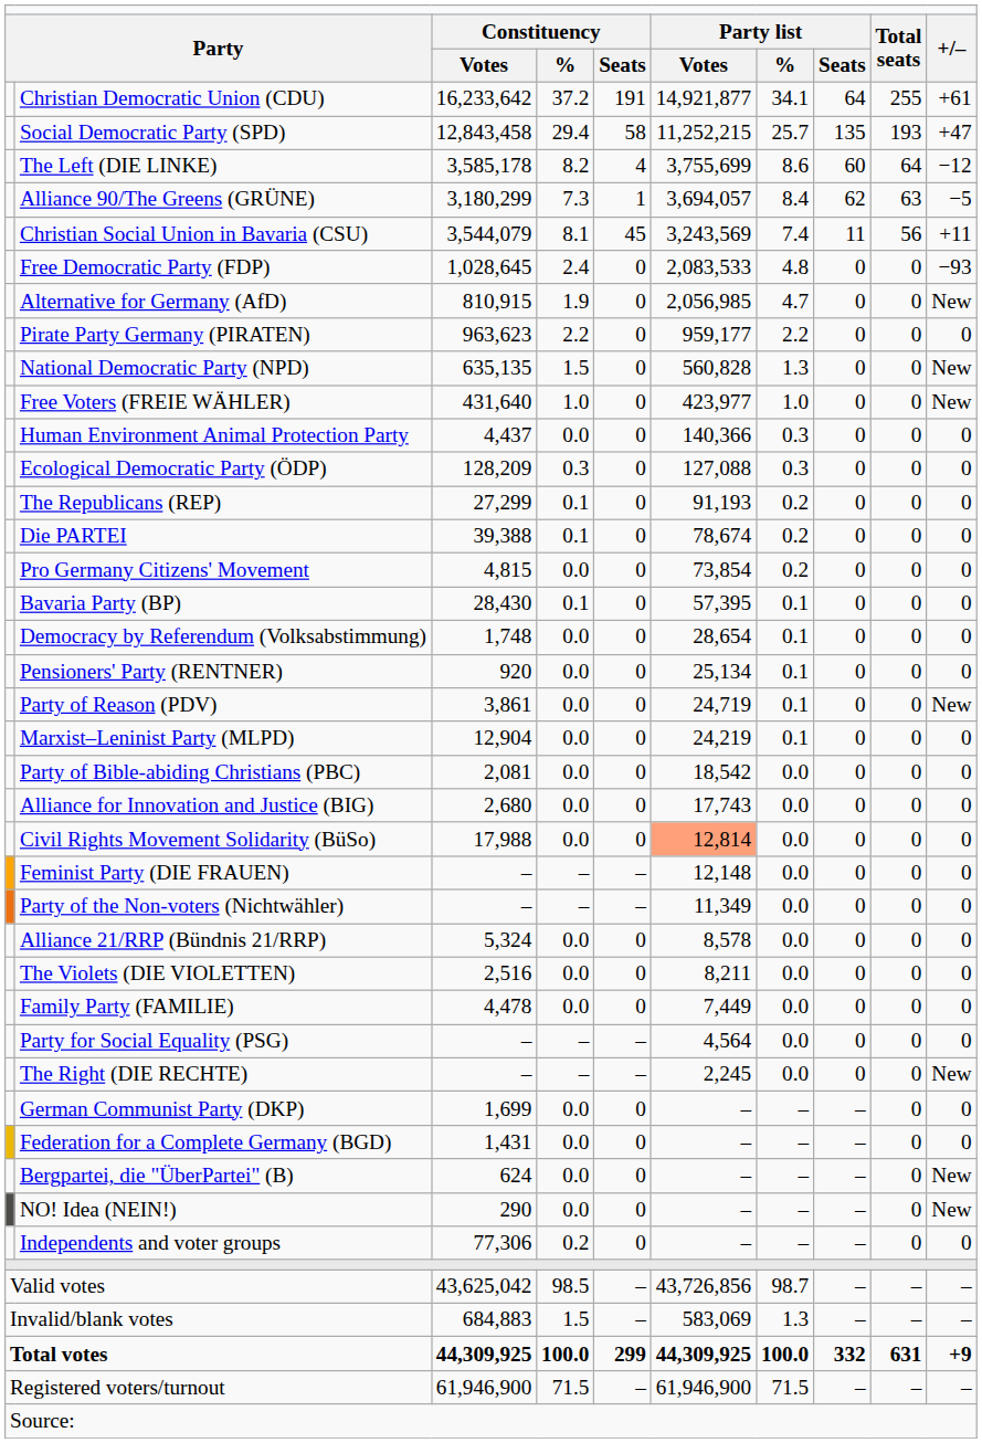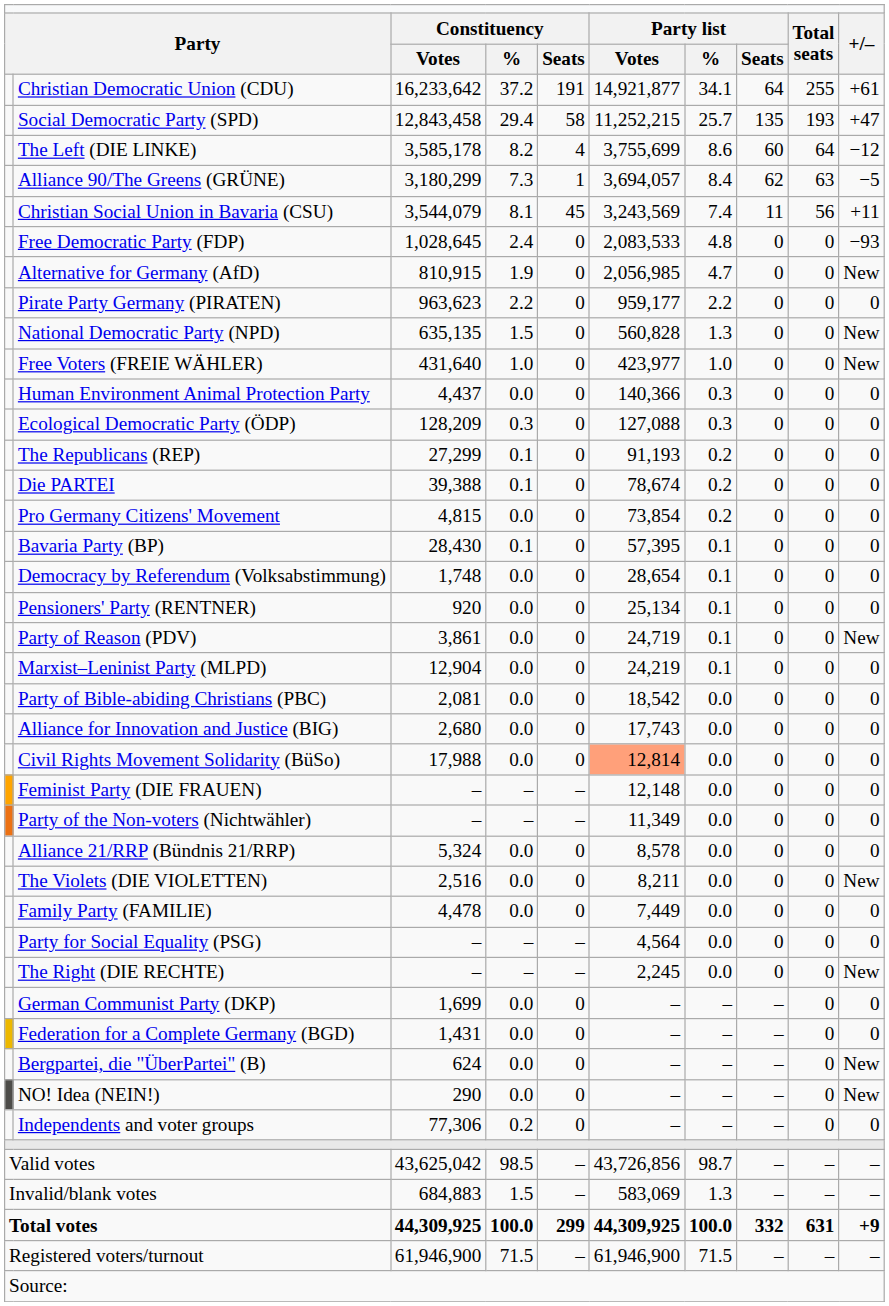 <table class="wikitable sortable" style="text-align:right">
 <tr>
 <th colspan="15" style="background:#F8F9FA;"></th>
 </tr>
 <tr>
 <th colspan="2" rowspan="2">Party</th>
 <th colspan="3">Constituency</th>
 <th colspan="3">Party list</th>
 <th rowspan="2">Total<br>seats</th>
 <th rowspan="2">+/–</th>
 </tr>
 <tr>
 <th>Votes</th>
 <th>%</th>
 <th>Seats</th>
 <th>Votes</th>
 <th>%</th>
 <th>Seats</th>
 </tr>
 <tr>
 <td></td>
 <td align="left"><a href='#'>Christian Democratic Union</a> (CDU)</td>
 <td>16,233,642</td>
 <td>37.2</td>
 <td>191</td>
 <td>14,921,877</td>
 <td>34.1</td>
 <td>64</td>
 <td>255</td>
 <td>+61</td>
 </tr>
 <tr>
 <td></td>
 <td align="left"><a href='#'>Social Democratic Party</a> (SPD)</td>
 <td>12,843,458</td>
 <td>29.4</td>
 <td>58</td>
 <td>11,252,215</td>
 <td>25.7</td>
 <td>135</td>
 <td>193</td>
 <td>+47</td>
 </tr>
 <tr>
 <td></td>
 <td align="left"><a href='#'>The Left</a> (DIE LINKE)</td>
 <td>3,585,178</td>
 <td>8.2</td>
 <td>4</td>
 <td>3,755,699</td>
 <td>8.6</td>
 <td>60</td>
 <td>64</td>
 <td>−12</td>
 </tr>
 <tr>
 <td></td>
 <td align="left"><a href='#'>Alliance 90/The Greens</a> (GRÜNE)</td>
 <td>3,180,299</td>
 <td>7.3</td>
 <td>1</td>
 <td>3,694,057</td>
 <td>8.4</td>
 <td>62</td>
 <td>63</td>
 <td>−5</td>
 </tr>
 <tr>
 <td></td>
 <td align="left"><a href='#'>Christian Social Union in Bavaria</a> (CSU)</td>
 <td>3,544,079</td>
 <td>8.1</td>
 <td>45</td>
 <td>3,243,569</td>
 <td>7.4</td>
 <td>11</td>
 <td>56</td>
 <td>+11</td>
 </tr>
 <tr>
 <td></td>
 <td align="left"><a href='#'>Free Democratic Party</a> (FDP)</td>
 <td>1,028,645</td>
 <td>2.4</td>
 <td>0</td>
 <td>2,083,533</td>
 <td>4.8</td>
 <td>0</td>
 <td>0</td>
 <td>−93</td>
 </tr>
 <tr>
 <td></td>
 <td align="left"><a href='#'>Alternative for Germany</a> (AfD)</td>
 <td>810,915</td>
 <td>1.9</td>
 <td>0</td>
 <td>2,056,985</td>
 <td>4.7</td>
 <td>0</td>
 <td>0</td>
 <td>New</td>
 </tr>
 <tr>
 <td style="background-color:"></td>
 <td align="left"><a href='#'>Pirate Party Germany</a> (PIRATEN)</td>
 <td>963,623</td>
 <td>2.2</td>
 <td>0</td>
 <td>959,177</td>
 <td>2.2</td>
 <td>0</td>
 <td>0</td>
 <td>0</td>
 </tr>
 <tr>
 <td style="background-color:"></td>
 <td align="left"><a href='#'>National Democratic Party</a> (NPD)</td>
 <td>635,135</td>
 <td>1.5</td>
 <td>0</td>
 <td>560,828</td>
 <td>1.3</td>
 <td>0</td>
 <td>0</td>
 <td>New</td>
 </tr>
 <tr>
 <td style="background-color:"></td>
 <td align="left"><a href='#'>Free Voters</a> (FREIE WÄHLER)</td>
 <td>431,640</td>
 <td>1.0</td>
 <td>0</td>
 <td>423,977</td>
 <td>1.0</td>
 <td>0</td>
 <td>0</td>
 <td>New</td>
 </tr>
 <tr>
 <td style="background-color:"></td>
 <td align="left"><a href='#'>Human Environment Animal Protection Party</a></td>
 <td>4,437</td>
 <td>0.0</td>
 <td>0</td>
 <td>140,366</td>
 <td>0.3</td>
 <td>0</td>
 <td>0</td>
 <td>0</td>
 </tr>
 <tr>
 <td style="background-color:"></td>
 <td align="left"><a href='#'>Ecological Democratic Party</a> (ÖDP)</td>
 <td>128,209</td>
 <td>0.3</td>
 <td>0</td>
 <td>127,088</td>
 <td>0.3</td>
 <td>0</td>
 <td>0</td>
 <td>0</td>
 </tr>
 <tr>
 <td style="background-color:"></td>
 <td align="left"><a href='#'>The Republicans</a> (REP)</td>
 <td>27,299</td>
 <td>0.1</td>
 <td>0</td>
 <td>91,193</td>
 <td>0.2</td>
 <td>0</td>
 <td>0</td>
 <td>0</td>
 </tr>
 <tr>
 <td style="background-color:"></td>
 <td align="left"><a href='#'>Die PARTEI</a></td>
 <td>39,388</td>
 <td>0.1</td>
 <td>0</td>
 <td>78,674</td>
 <td>0.2</td>
 <td>0</td>
 <td>0</td>
 <td>0</td>
 </tr>
 <tr>
 <td style="background-color:"></td>
 <td align="left"><a href='#'>Pro Germany Citizens' Movement</a></td>
 <td>4,815</td>
 <td>0.0</td>
 <td>0</td>
 <td>73,854</td>
 <td>0.2</td>
 <td>0</td>
 <td>0</td>
 <td>0</td>
 </tr>
 <tr>
 <td style="background-color:"></td>
 <td align="left"><a href='#'>Bavaria Party</a> (BP)</td>
 <td>28,430</td>
 <td>0.1</td>
 <td>0</td>
 <td>57,395</td>
 <td>0.1</td>
 <td>0</td>
 <td>0</td>
 <td>0</td>
 </tr>
 <tr>
 <td style="background-color:"></td>
 <td align="left"><a href='#'>Democracy by Referendum</a> (Volksabstimmung)</td>
 <td>1,748</td>
 <td>0.0</td>
 <td>0</td>
 <td>28,654</td>
 <td>0.1</td>
 <td>0</td>
 <td>0</td>
 <td>0</td>
 </tr>
 <tr>
 <td style="background-color:"></td>
 <td align="left"><a href='#'>Pensioners' Party</a> (RENTNER)</td>
 <td>920</td>
 <td>0.0</td>
 <td>0</td>
 <td>25,134</td>
 <td>0.1</td>
 <td>0</td>
 <td>0</td>
 <td>0</td>
 </tr>
 <tr>
 <td style="background-color:"></td>
 <td align="left"><a href='#'>Party of Reason</a> (PDV)</td>
 <td>3,861</td>
 <td>0.0</td>
 <td>0</td>
 <td>24,719</td>
 <td>0.1</td>
 <td>0</td>
 <td>0</td>
 <td>New</td>
 </tr>
 <tr>
 <td style="background-color:"></td>
 <td align="left"><a href='#'>Marxist–Leninist Party</a> (MLPD)</td>
 <td>12,904</td>
 <td>0.0</td>
 <td>0</td>
 <td>24,219</td>
 <td>0.1</td>
 <td>0</td>
 <td>0</td>
 <td>0</td>
 </tr>
 <tr>
 <td style="background-color:"></td>
 <td align="left"><a href='#'>Party of Bible-abiding Christians</a> (PBC)</td>
 <td>2,081</td>
 <td>0.0</td>
 <td>0</td>
 <td>18,542</td>
 <td>0.0</td>
 <td>0</td>
 <td>0</td>
 <td>0</td>
 </tr>
 <tr>
 <td style="background-color:"></td>
 <td align="left"><a href='#'>Alliance for Innovation and Justice</a> (BIG)</td>
 <td>2,680</td>
 <td>0.0</td>
 <td>0</td>
 <td>17,743</td>
 <td>0.0</td>
 <td>0</td>
 <td>0</td>
 <td>0</td>
 </tr>
 <tr>
 <td style="background-color:"></td>
 <td align="left"><a href='#'>Civil Rights Movement Solidarity</a> (BüSo)</td>
 <td>17,988</td>
 <td>0.0</td>
 <td>0</td>
 <td style="background: lightsalmon;">12,814</td>
 <td>0.0</td>
 <td>0</td>
 <td>0</td>
 <td>0</td>
 </tr>
 <tr>
 <td style="background-color:#FFA500"></td>
 <td align="left"><a href='#'>Feminist Party</a> (DIE FRAUEN)</td>
 <td>–</td>
 <td>–</td>
 <td>–</td>
 <td>12,148</td>
 <td>0.0</td>
 <td>0</td>
 <td>0</td>
 <td>0</td>
 </tr>
 <tr>
 <td style="background-color:#EC7113"></td>
 <td align="left"><a href='#'>Party of the Non-voters</a> (Nichtwähler)</td>
 <td>–</td>
 <td>–</td>
 <td>–</td>
 <td>11,349</td>
 <td>0.0</td>
 <td>0</td>
 <td>0</td>
 <td>0</td>
 </tr>
 <tr>
 <td style="background-color:"></td>
 <td align="left"><a href='#'>Alliance 21/RRP</a> (Bündnis 21/RRP)</td>
 <td>5,324</td>
 <td>0.0</td>
 <td>0</td>
 <td>8,578</td>
 <td>0.0</td>
 <td>0</td>
 <td>0</td>
 <td>0</td>
 </tr>
 <tr>
 <td style="background-color:"></td>
 <td align="left"><a href='#'>The Violets</a> (DIE VIOLETTEN)</td>
 <td>2,516</td>
 <td>0.0</td>
 <td>0</td>
 <td>8,211</td>
 <td>0.0</td>
 <td>0</td>
 <td>0</td>
-<td>0</td>
+<td>New</td>
 </tr>
 <tr>
 <td style="background-color:"></td>
 <td align="left"><a href='#'>Family Party</a> (FAMILIE)</td>
 <td>4,478</td>
 <td>0.0</td>
 <td>0</td>
 <td>7,449</td>
 <td>0.0</td>
 <td>0</td>
 <td>0</td>
 <td>0</td>
 </tr>
 <tr>
 <td style="background-color:"></td>
 <td align="left"><a href='#'>Party for Social Equality</a> (PSG)</td>
 <td>–</td>
 <td>–</td>
 <td>–</td>
 <td>4,564</td>
 <td>0.0</td>
 <td>0</td>
 <td>0</td>
 <td>0</td>
 </tr>
 <tr>
 <td style="background-color:"></td>
 <td align="left"><a href='#'>The Right</a> (DIE RECHTE)</td>
 <td>–</td>
 <td>–</td>
 <td>–</td>
 <td>2,245</td>
 <td>0.0</td>
 <td>0</td>
 <td>0</td>
 <td>New</td>
 </tr>
 <tr>
 <td style="background-color:"></td>
 <td align="left"><a href='#'>German Communist Party</a> (DKP)</td>
 <td>1,699</td>
 <td>0.0</td>
 <td>0</td>
 <td>–</td>
 <td>–</td>
 <td>–</td>
 <td>0</td>
 <td>0</td>
 </tr>
 <tr>
 <td style="background-color:#EDB800"></td>
 <td align="left"><a href='#'>Federation for a Complete Germany</a> (BGD)</td>
 <td>1,431</td>
 <td>0.0</td>
 <td>0</td>
 <td>–</td>
 <td>–</td>
 <td>–</td>
 <td>0</td>
 <td>0</td>
 </tr>
 <tr>
 <td style="background-color:"></td>
 <td align="left"><a href='#'>Bergpartei, die "ÜberPartei"</a> (B)</td>
 <td>624</td>
 <td>0.0</td>
 <td>0</td>
 <td>–</td>
 <td>–</td>
 <td>–</td>
 <td>0</td>
 <td>New</td>
 </tr>
 <tr>
 <td style="background-color:#4D4C49"></td>
 <td align="left">NO! Idea (NEIN!)</td>
 <td>290</td>
 <td>0.0</td>
 <td>0</td>
 <td>–</td>
 <td>–</td>
 <td>–</td>
 <td>0</td>
 <td>New</td>
 </tr>
 <tr>
 <td style="background-color:"></td>
 <td align="left"><a href='#'>Independents</a> and voter groups</td>
 <td>77,306</td>
 <td>0.2</td>
 <td>0</td>
 <td>–</td>
 <td>–</td>
 <td>–</td>
 <td>0</td>
 <td>0</td>
 </tr>
 <tr class=sortbottom>
 <td colspan="10" style="background: #E9E9E9"></td>
 </tr>
 <tr class=sortbottom>
 <td colspan="2" align="left">Valid votes</td>
 <td>43,625,042</td>
 <td>98.5</td>
 <td>–</td>
 <td>43,726,856</td>
 <td>98.7</td>
 <td>–</td>
 <td>–</td>
 <td>–</td>
 </tr>
 <tr class=sortbottom>
 <td colspan="2" align="left">Invalid/blank votes</td>
 <td>684,883</td>
 <td>1.5</td>
 <td>–</td>
 <td>583,069</td>
 <td>1.3</td>
 <td>–</td>
 <td>–</td>
 <td>–</td>
 </tr>
 <tr class=sortbottom>
 <td colspan="2" align="left"><strong>Total votes</strong></td>
 <td><strong>44,309,925</strong></td>
 <td><strong>100.0</strong></td>
 <td><strong>299</strong></td>
 <td><strong>44,309,925</strong></td>
 <td><strong>100.0</strong></td>
 <td><strong>332</strong></td>
 <td><strong>631</strong></td>
 <td><strong>+9</strong></td>
 </tr>
 <tr class=sortbottom>
 <td colspan="2" align="left">Registered voters/turnout</td>
 <td>61,946,900</td>
 <td>71.5</td>
 <td>–</td>
 <td>61,946,900</td>
 <td>71.5</td>
 <td>–</td>
 <td>–</td>
 <td>–</td>
 </tr>
 <tr class=sortbottom>
 <td colspan="10" align="left">Source: </td>
 </tr>
 </table>
